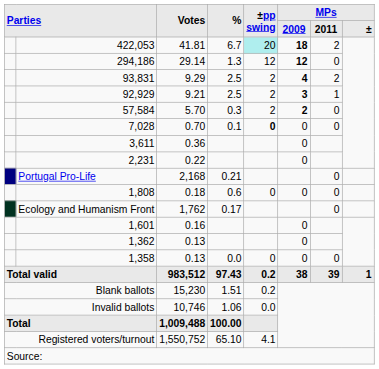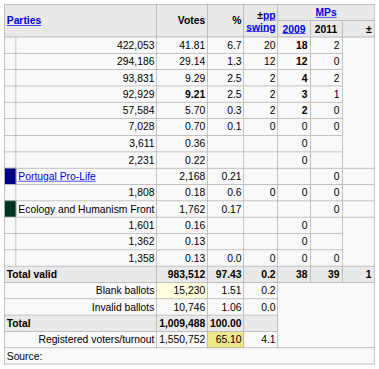 <table class="wikitable" style="text-align:right; font-size:95%;">
 <tr>
 <th rowspan="2" colspan="2" style="background:#e9e9e9; text-align:left;" alignleft><a href='#'>Parties</a></th>
 <th rowspan="2" style="background:#e9e9e9; text-align:right;">Votes</th>
 <th rowspan="2" style="background:#e9e9e9; text-align:right;">%</th>
 <th rowspan="2" style="background:#e9e9e9; text-align:right;">±<a href='#'>pp</a> <a href='#'>swing</a></th>
 <th colspan="3" style="background:#e9e9e9; text-align:center;"><a href='#'>MPs</a></th>
 </tr>
 <tr style="background-color:#E9E9E9">
 <th style="background-color:#E9E9E9;text-align:center;"><a href='#'>2009</a></th>
 <th style="background-color:#E9E9E9;text-align:center;">2011</th>
 <th style="background:#e9e9e9; text-align:right;">±</th>
 </tr>
 <tr>
 <td></td>
 <td>422,053</td>
 <td>41.81</td>
 <td>6.7</td>
-<td style="background: paleturquoise;">20</td>
+<td>20</td>
 <td><strong>18</strong></td>
 <td>2</td>
 </tr>
 <tr>
 <td></td>
 <td>294,186</td>
 <td>29.14</td>
 <td>1.3</td>
 <td>12</td>
 <td><strong>12</strong></td>
 <td>0</td>
 </tr>
 <tr>
 <td></td>
 <td>93,831</td>
 <td>9.29</td>
 <td>2.5</td>
 <td>2</td>
 <td><strong>4</strong></td>
 <td>2</td>
 </tr>
 <tr>
 <td></td>
 <td>92,929</td>
-<td>9.21</td>
+<td><strong>9.21</strong></td>
 <td>2.5</td>
 <td>2</td>
 <td><strong>3</strong></td>
 <td>1</td>
 </tr>
 <tr>
 <td></td>
 <td>57,584</td>
 <td>5.70</td>
 <td>0.3</td>
 <td>2</td>
 <td><strong>2</strong></td>
 <td>0</td>
 </tr>
 <tr>
 <td></td>
 <td>7,028</td>
 <td>0.70</td>
 <td>0.1</td>
-<td><strong>0</strong></td>
+<td>0</td>
 <td>0</td>
 <td>0</td>
 </tr>
 <tr>
 <td></td>
 <td>3,611</td>
 <td>0.36</td>
 <td></td>
 <td></td>
 <td>0</td>
 <td></td>
 </tr>
 <tr>
 <td></td>
 <td>2,231</td>
 <td>0.22</td>
 <td></td>
 <td></td>
 <td>0</td>
 <td></td>
 </tr>
 <tr>
 <td style="width:10px;background-color:#000080;text-align:center;"></td>
 <td style="text-align:left;"><a href='#'>Portugal Pro-Life</a></td>
 <td>2,168</td>
 <td>0.21</td>
 <td></td>
 <td></td>
 <td>0</td>
 <td></td>
 </tr>
 <tr>
 <td></td>
 <td>1,808</td>
 <td>0.18</td>
 <td>0.6</td>
 <td>0</td>
 <td>0</td>
 <td>0</td>
 </tr>
 <tr>
 <td style="width:10px;background-color:#013220;text-align:center;"></td>
 <td style="text-align:left;">Ecology and Humanism Front </td>
 <td>1,762</td>
 <td>0.17</td>
 <td></td>
 <td></td>
 <td>0</td>
 <td></td>
 </tr>
 <tr>
 <td></td>
 <td>1,601</td>
 <td>0.16</td>
 <td></td>
 <td></td>
 <td>0</td>
 <td></td>
 </tr>
 <tr>
 <td></td>
 <td>1,362</td>
 <td>0.13</td>
 <td></td>
 <td></td>
 <td>0</td>
 <td></td>
 </tr>
 <tr>
 <td></td>
 <td>1,358</td>
 <td>0.13</td>
 <td>0.0</td>
 <td>0</td>
 <td>0</td>
 <td>0</td>
 </tr>
 <tr>
 <td colspan=2 align=left style="background-color:#E9E9E9"><strong>Total valid</strong></td>
 <td width="65" align="right" style="background-color:#E9E9E9"><strong>983,512</strong></td>
 <td width="40" align="right" style="background-color:#E9E9E9"><strong>97.43</strong></td>
 <td width="40" align="right" style="background-color:#E9E9E9"><strong>0.2</strong></td>
 <td width="40" align="right" style="background-color:#E9E9E9"><strong>38</strong></td>
 <td width="40" align="right" style="background-color:#E9E9E9"><strong>39</strong></td>
 <td width="40" align="right" style="background-color:#E9E9E9"><strong>1</strong></td>
 </tr>
 <tr>
 <td colspan=2>Blank ballots</td>
-<td>15,230</td>
+<td style="background: lightyellow;">15,230</td>
 <td>1.51</td>
 <td>0.2</td>
 <td colspan=4 rowspan=4></td>
 </tr>
 <tr>
 <td colspan=2>Invalid ballots</td>
 <td>10,746</td>
 <td>1.06</td>
 <td>0.0</td>
 </tr>
 <tr>
 <td colspan=2 align=left style="background-color:#E9E9E9"><strong>Total</strong></td>
 <td width="50" align="right" style="background-color:#E9E9E9"><strong>1,009,488</strong></td>
 <td width="40" align="right" style="background-color:#E9E9E9"><strong>100.00</strong></td>
 <td width="40" align="right" style="background-color:#E9E9E9"></td>
 </tr>
 <tr>
 <td colspan=2>Registered voters/turnout</td>
 <td>1,550,752</td>
-<td>65.10</td>
+<td style="background: khaki;">65.10</td>
 <td>4.1</td>
 </tr>
 <tr>
 <td colspan=11 align=left>Source: </td>
 </tr>
 </table>
